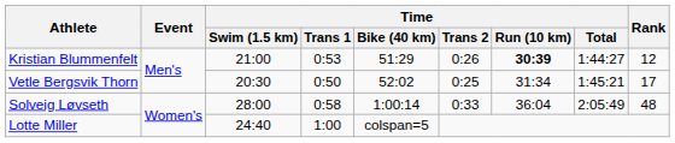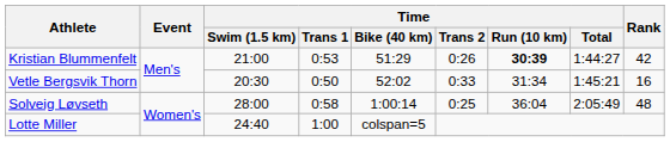 <table class=wikitable style="font-size:90%;text-align:center">
 <tr>
 <th rowspan=2>Athlete</th>
 <th rowspan=2>Event</th>
 <th colspan=6>Time</th>
 <th rowspan=2>Rank</th>
 </tr>
 <tr style="font-size:95%">
 <th>Swim (1.5 km)</th>
 <th>Trans 1</th>
 <th>Bike (40 km)</th>
 <th>Trans 2</th>
 <th>Run (10 km)</th>
 <th>Total</th>
 </tr>
 <tr>
 <td align=left><a href='#'>Kristian Blummenfelt</a></td>
 <td align=left rowspan=2><a href='#'>Men's</a></td>
 <td>21:00</td>
 <td>0:53</td>
 <td>51:29</td>
 <td>0:26</td>
 <td><strong>30:39</strong></td>
 <td>1:44:27</td>
-<td>12</td>
+<td>42</td>
 </tr>
 <tr>
 <td align=left><a href='#'>Vetle Bergsvik Thorn</a></td>
 <td>20:30</td>
 <td>0:50</td>
 <td>52:02</td>
-<td>0:25</td>
+<td>0:33</td>
 <td>31:34</td>
 <td>1:45:21</td>
-<td>17</td>
+<td>16</td>
 </tr>
 <tr>
 <td align=left><a href='#'>Solveig Løvseth</a></td>
 <td align=left rowspan=2><a href='#'>Women's</a></td>
 <td>28:00</td>
 <td>0:58</td>
 <td>1:00:14</td>
-<td>0:33</td>
+<td>0:25</td>
 <td>36:04</td>
 <td>2:05:49</td>
 <td>48</td>
 </tr>
 <tr>
 <td align=left><a href='#'>Lotte Miller</a></td>
 <td>24:40</td>
 <td>1:00</td>
 <td>colspan=5 </td>
 </tr>
 </table>
